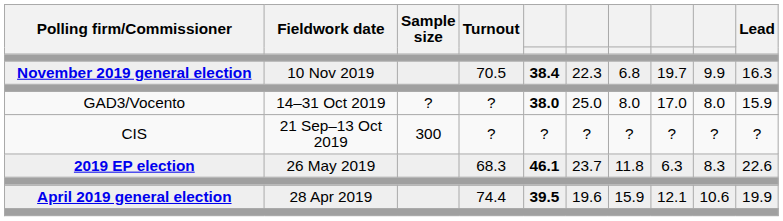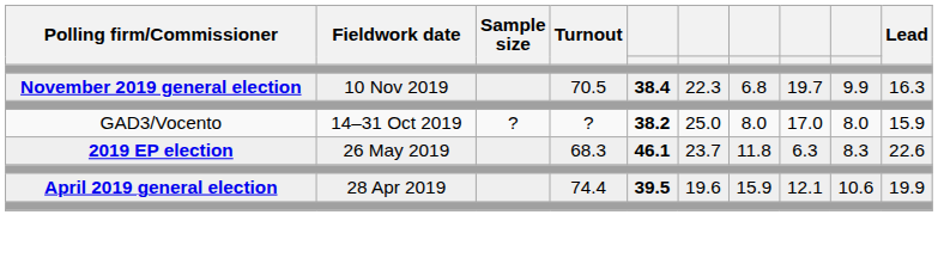 <table class="wikitable collapsible collapsed" style="text-align:center; font-size:95%; line-height:16px;">
 <tr style="height:42px;">
 <th style="width:250px;" rowspan="2">Polling firm/Commissioner</th>
 <th style="width:125px;" rowspan="2">Fieldwork date</th>
 <th style="width:50px;" rowspan="2">Sample size</th>
 <th style="width:45px;" rowspan="2">Turnout</th>
 <th style="width:35px;"></th>
 <th style="width:35px;"></th>
 <th style="width:35px;"></th>
 <th style="width:35px;"></th>
 <th style="width:35px;"></th>
 <th style="width:30px;" rowspan="2">Lead</th>
 </tr>
 <tr>
 <th style="color:inherit;background:"></th>
 <th style="color:inherit;background:"></th>
 <th style="color:inherit;background:"></th>
 <th style="color:inherit;background:"></th>
 <th style="color:inherit;background:"></th>
 </tr>
 <tr>
 <td colspan="10" style="background:#A0A0A0"></td>
 </tr>
 <tr style="background:#EFEFEF;">
 <td><strong><a href='#'>November 2019 general election</a></strong></td>
 <td>10 Nov 2019</td>
 <td></td>
 <td>70.5</td>
 <td><strong>38.4</strong><br></td>
 <td>22.3<br></td>
 <td>6.8<br></td>
 <td>19.7<br></td>
 <td>9.9<br></td>
 <td style="background:">16.3</td>
 </tr>
 <tr>
 <td colspan="10" style="background:#A0A0A0"></td>
 </tr>
 <tr>
 <td>GAD3/Vocento</td>
 <td>14–31 Oct 2019</td>
 <td>?</td>
 <td>?</td>
-<td><strong>38.0</strong><br></td>
+<td><strong>38.2</strong><br></td>
 <td>25.0<br></td>
 <td>8.0<br></td>
 <td>17.0<br></td>
 <td>8.0<br></td>
 <td style="background:">15.9</td>
-</tr>
-<tr>
-<td>CIS</td>
-<td>21 Sep–13 Oct 2019</td>
-<td>300</td>
-<td>?</td>
-<td>?<br></td>
-<td>?<br></td>
-<td>?<br></td>
-<td>?<br></td>
-<td>?<br></td>
-<td style="background:">?</td>
 </tr>
 <tr style="background:#EFEFEF;">
 <td><strong><a href='#'>2019 EP election</a></strong></td>
 <td>26 May 2019</td>
 <td></td>
 <td>68.3</td>
 <td><strong>46.1</strong><br></td>
 <td>23.7<br></td>
 <td>11.8<br></td>
 <td>6.3<br></td>
 <td>8.3<br></td>
 <td style="background:">22.6</td>
 </tr>
 <tr>
 <td colspan="10" style="background:#A0A0A0"></td>
 </tr>
 <tr style="background:#EFEFEF;">
 <td><strong><a href='#'>April 2019 general election</a></strong></td>
 <td>28 Apr 2019</td>
 <td></td>
 <td>74.4</td>
 <td><strong>39.5</strong><br></td>
 <td>19.6<br></td>
 <td>15.9<br></td>
 <td>12.1<br></td>
 <td>10.6<br></td>
 <td style="background:">19.9</td>
 </tr>
 <tr>
 <td colspan="10" style="background:#A0A0A0"></td>
 </tr>
 <tr>
 </tr>
 </table>
